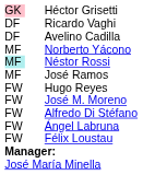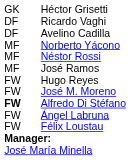 <table style="font-size:90%; margin:0.2em auto;" cellspacing="0" cellpadding="0">
 <tr>
 <th width="25"></th>
 <th width="25"></th>
 </tr>
 <tr>
-<td style="background: pink;">GK</td>
+<td>GK</td>
 <td></td>
 <td> Héctor Grisetti</td>
 </tr>
 <tr>
 <td>DF</td>
 <td></td>
 <td> Ricardo Vaghi</td>
 </tr>
 <tr>
 <td>DF</td>
 <td></td>
 <td> Avelino Cadilla</td>
 </tr>
 <tr>
 <td>MF</td>
 <td></td>
 <td> <a href='#'>Norberto Yácono</a></td>
 </tr>
 <tr>
-<td style="background: paleturquoise;">MF</td>
+<td>MF</td>
 <td></td>
 <td> <a href='#'>Néstor Rossi</a></td>
 </tr>
 <tr>
 <td>MF</td>
 <td></td>
 <td> José Ramos</td>
 </tr>
 <tr>
 <td>FW</td>
 <td></td>
 <td> Hugo Reyes</td>
 </tr>
 <tr>
 <td>FW</td>
 <td></td>
 <td> <a href='#'>José M. Moreno</a></td>
 </tr>
 <tr>
-<td>FW</td>
+<td><strong>FW</strong></td>
 <td></td>
 <td> <a href='#'>Alfredo Di Stéfano</a></td>
 </tr>
 <tr>
 <td>FW</td>
 <td></td>
 <td> <a href='#'>Ángel Labruna</a></td>
 </tr>
 <tr>
 <td>FW</td>
 <td></td>
 <td> <a href='#'>Félix Loustau</a></td>
 </tr>
 <tr>
 <td colspan=3><strong>Manager:</strong></td>
 </tr>
 <tr>
 <td colspan=4> <a href='#'>José María Minella</a></td>
 </tr>
 </table>
